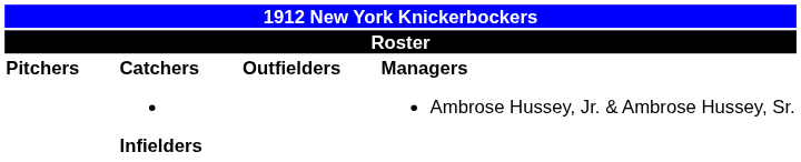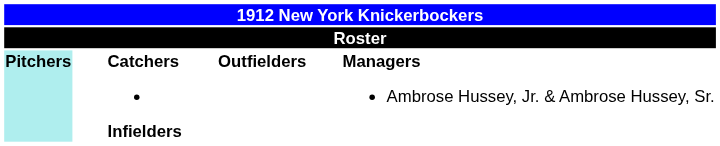 <table class="toccolours" style="font-size: 95%;">
 <tr>
 <th colspan="10" style="background-color: blue; color: white; text-align: center;">1912 New York Knickerbockers</th>
 </tr>
 <tr>
 <td colspan="10" style="background-color:black; color: white; text-align: center;"><strong>Roster</strong></td>
 </tr>
 <tr>
-<td valign="top"><strong>Pitchers</strong></td>
+<td valign="top" style="background: paleturquoise;"><strong>Pitchers</strong></td>
 <td width="25px"></td>
 <td valign="top"><strong>Catchers</strong><br><ul><li></li></ul><strong>Infielders</strong></td>
 <td width="25px"></td>
 <td valign="top"><strong>Outfielders</strong></td>
 <td width="25px"></td>
 <td valign="top"><strong>Managers</strong><br><ul><li>Ambrose Hussey, Jr. & Ambrose Hussey, Sr.</li></ul></td>
 </tr>
 </table>
